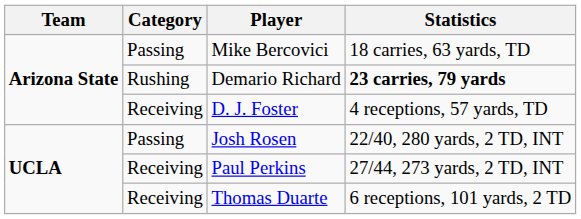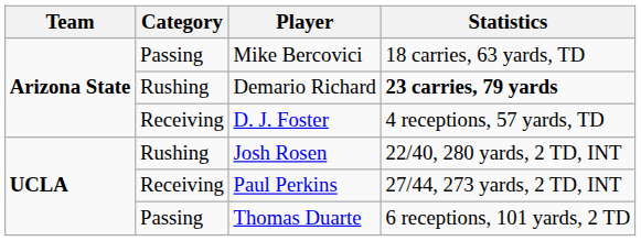 <table class="wikitable" style="float: right;">
 <tr>
 <th>Team</th>
 <th>Category</th>
 <th>Player</th>
 <th>Statistics</th>
 </tr>
 <tr>
 <td rowspan=3><strong>Arizona State</strong></td>
 <td>Passing</td>
 <td>Mike Bercovici</td>
 <td>18 carries, 63 yards, TD</td>
 </tr>
 <tr>
 <td>Rushing</td>
 <td>Demario Richard</td>
 <td><strong>23 carries, 79 yards</strong></td>
 </tr>
 <tr>
 <td>Receiving</td>
 <td><a href='#'>D. J. Foster</a></td>
 <td>4 receptions, 57 yards, TD</td>
 </tr>
 <tr>
 <td rowspan=3><strong>UCLA</strong></td>
-<td>Passing</td>
+<td>Rushing</td>
 <td><a href='#'>Josh Rosen</a></td>
 <td>22/40, 280 yards, 2 TD, INT</td>
 </tr>
 <tr>
 <td>Receiving</td>
 <td><a href='#'>Paul Perkins</a></td>
 <td>27/44, 273 yards, 2 TD, INT</td>
 </tr>
 <tr>
-<td>Receiving</td>
+<td>Passing</td>
 <td><a href='#'>Thomas Duarte</a></td>
 <td>6 receptions, 101 yards, 2 TD</td>
 </tr>
 </table>
